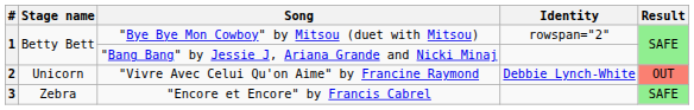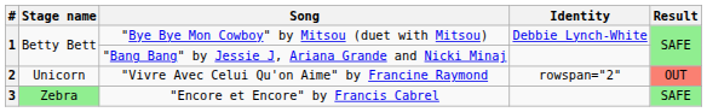 <table class="wikitable plainrowheaders" style="text-align: center;">
 <tr>
 <th>#</th>
 <th>Stage name</th>
 <th>Song</th>
 <th>Identity</th>
 <th>Result</th>
 </tr>
 <tr>
 <th rowspan="2">1</th>
 <td rowspan="2">Betty Bett</td>
 <td>"<a href='#'>Bye Bye Mon Cowboy</a>" by <a href='#'>Mitsou</a> (duet with <a href='#'>Mitsou</a>)</td>
-<td>rowspan="2" </td>
+<td><a href='#'>Debbie Lynch-White</a></td>
 <td rowspan="2" bgcolor="lightgreen">SAFE</td>
 </tr>
 <tr>
 <td>"<a href='#'>Bang Bang</a>" by <a href='#'>Jessie J</a>, <a href='#'>Ariana Grande</a> and <a href='#'>Nicki Minaj</a></td>
 </tr>
 <tr>
 <th>2</th>
 <td>Unicorn</td>
 <td>"Vivre Avec Celui Qu'on Aime" by <a href='#'>Francine Raymond</a></td>
-<td><a href='#'>Debbie Lynch-White</a></td>
+<td>rowspan="2" </td>
 <td bgcolor="salmon">OUT</td>
 </tr>
 <tr>
 <th>3</th>
-<td>Zebra</td>
+<td style="background: lightgreen;">Zebra</td>
 <td>"Encore et Encore" by <a href='#'>Francis Cabrel</a></td>
 <td></td>
 <td bgcolor="lightgreen">SAFE</td>
 </tr>
 </table>
